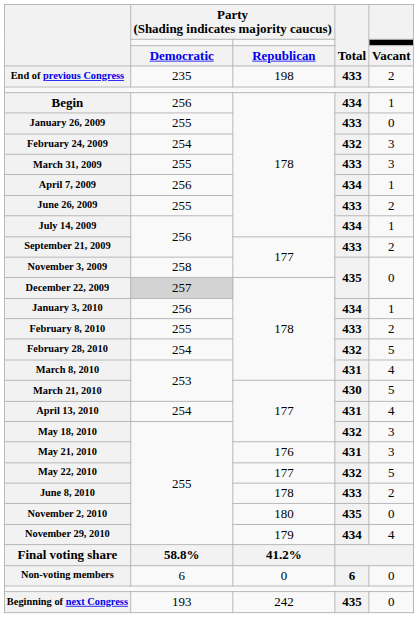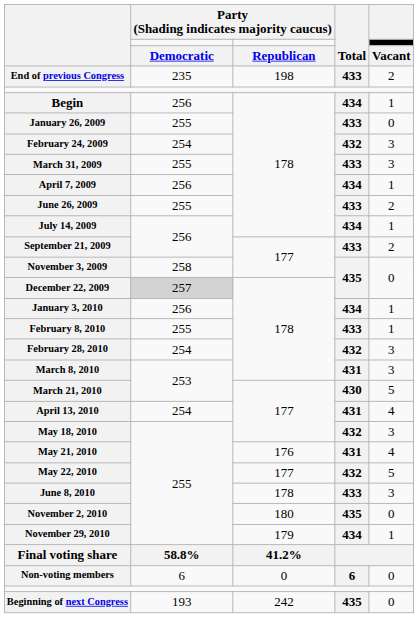 <table class=wikitable style="text-align:center">
 <tr style="vertical-align:bottom;">
 <th rowspan=3></th>
 <th colspan=2>Party <div>(Shading indicates majority caucus)</div></th>
 <th rowspan=3>Total</th>
 <th></th>
 </tr>
 <tr style="height:5px">
 <td style="background-color:"></td>
 <td style="background-color:"></td>
 <td style="background:black;"></td>
 </tr>
 <tr>
 <th><a href='#'>Democratic</a></th>
 <th><a href='#'>Republican</a></th>
 <th>Vacant</th>
 </tr>
 <tr>
 <th style="font-size:80%">End of <a href='#'>previous Congress</a></th>
 <td>235</td>
 <td>198</td>
 <th>433</th>
 <td>2</td>
 </tr>
 <tr>
 <td colspan=5></td>
 </tr>
 <tr>
 <th>Begin </th>
 <td>256</td>
 <td rowspan=7>178</td>
 <th>434</th>
 <td>1</td>
 </tr>
 <tr>
 <th style="font-size:80%">January 26, 2009 </th>
 <td>255</td>
 <th>433</th>
 <td>0</td>
 </tr>
 <tr>
 <th style="font-size:80%">February 24, 2009 </th>
 <td>254</td>
 <th>432</th>
 <td>3</td>
 </tr>
 <tr>
 <th style="font-size:80%">March 31, 2009 </th>
 <td>255</td>
 <th>433</th>
 <td>3</td>
 </tr>
 <tr>
 <th style="font-size:80%">April 7, 2009 </th>
 <td>256</td>
 <th>434</th>
 <td>1</td>
 </tr>
 <tr>
 <th style="font-size:80%">June 26, 2009 </th>
 <td>255</td>
 <th>433</th>
 <td>2</td>
 </tr>
 <tr>
 <th style="font-size:80%">July 14, 2009 </th>
 <td rowspan=2 >256</td>
 <th>434</th>
 <td>1</td>
 </tr>
 <tr>
 <th style="font-size:80%">September 21, 2009 </th>
 <td rowspan=2>177</td>
 <th>433</th>
 <td>2</td>
 </tr>
 <tr>
 <th style="font-size:80%">November 3, 2009 </th>
 <td>258</td>
 <th rowspan=2>435</th>
 <td rowspan=2>0</td>
 </tr>
 <tr>
 <th style="font-size:80%">December 22, 2009 </th>
 <td style="background: lightgrey;">257</td>
 <td rowspan=5>178</td>
 </tr>
 <tr>
 <th style="font-size:80%">January 3, 2010 </th>
 <td>256</td>
 <th>434</th>
 <td>1</td>
 </tr>
 <tr>
 <th style="font-size:80%">February 8, 2010 </th>
 <td>255</td>
 <th>433</th>
-<td>2</td>
+<td>1</td>
 </tr>
 <tr>
 <th style="font-size:80%">February 28, 2010 </th>
 <td>254</td>
 <th>432</th>
-<td>5</td>
+<td>3</td>
 </tr>
 <tr>
 <th style="font-size:80%">March 8, 2010 </th>
 <td rowspan=2 >253</td>
 <th>431</th>
-<td>4</td>
+<td>3</td>
 </tr>
 <tr>
 <th style="font-size:80%">March 21, 2010 </th>
 <td rowspan=3>177</td>
 <th>430</th>
 <td>5</td>
 </tr>
 <tr>
 <th style="font-size:80%">April 13, 2010 </th>
 <td>254</td>
 <th>431</th>
 <td>4</td>
 </tr>
 <tr>
 <th style="font-size:80%">May 18, 2010 </th>
 <td rowspan=6 >255</td>
 <th>432</th>
 <td>3</td>
 </tr>
 <tr>
 <th style="font-size:80%">May 21, 2010 </th>
 <td>176</td>
 <th>431</th>
-<td>3</td>
+<td>4</td>
 </tr>
 <tr>
 <th style="font-size:80%">May 22, 2010 </th>
 <td>177</td>
 <th>432</th>
 <td>5</td>
 </tr>
 <tr>
 <th style="font-size:80%">June 8, 2010 </th>
 <td>178</td>
 <th>433</th>
-<td>2</td>
+<td>3</td>
 </tr>
 <tr>
 <th style="font-size:80%">November 2, 2010 </th>
 <td>180</td>
 <th>435</th>
 <td>0</td>
 </tr>
 <tr>
 <th style="font-size:80%">November 29, 2010 </th>
 <td>179</td>
 <th>434</th>
-<td>4</td>
+<td>1</td>
 </tr>
 <tr>
 <th>Final voting share</th>
 <th>58.8%</th>
 <th>41.2%</th>
 <th colspan=2></th>
 </tr>
 <tr>
 <th style=font-size:80%>Non-voting members</th>
 <td>6</td>
 <td>0</td>
 <th>6</th>
 <td>0</td>
 </tr>
 <tr>
 <td colspan=6></td>
 </tr>
 <tr>
 <th style="white-space:nowrap; font-size:80%;">Beginning of <a href='#'>next Congress</a></th>
 <td>193</td>
 <td>242</td>
 <th>435</th>
 <td>0</td>
 </tr>
 </table>
